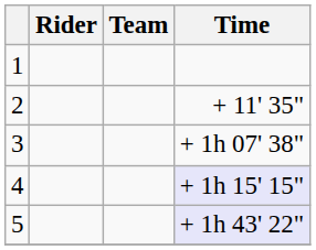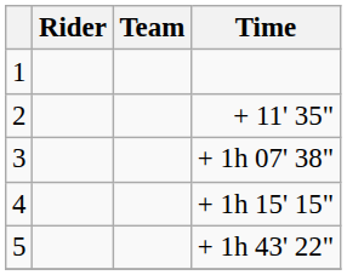 <table class="wikitable">
 <tr>
 <th></th>
 <th>Rider</th>
 <th>Team</th>
 <th>Time</th>
 </tr>
 <tr>
 <td style="text-align:center;">1</td>
 <td> </td>
 <td></td>
 <td align=right></td>
 </tr>
 <tr>
 <td style="text-align:center;">2</td>
 <td></td>
 <td></td>
 <td align=right>+ 11' 35"</td>
 </tr>
 <tr>
 <td style="text-align:center;">3</td>
 <td></td>
 <td></td>
 <td align=right>+ 1h 07' 38"</td>
 </tr>
 <tr>
 <td style="text-align:center;">4</td>
 <td></td>
 <td></td>
-<td align=right style="background: lavender;">+ 1h 15' 15"</td>
+<td align=right>+ 1h 15' 15"</td>
 </tr>
 <tr>
 <td style="text-align:center;">5</td>
 <td></td>
 <td></td>
-<td align=right style="background: lavender;">+ 1h 43' 22"</td>
+<td align=right>+ 1h 43' 22"</td>
 </tr>
 <tr>
 </tr>
 </table>
